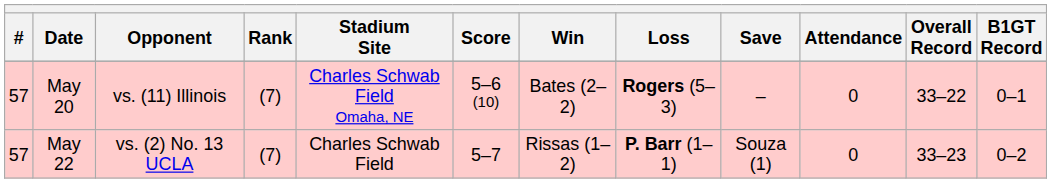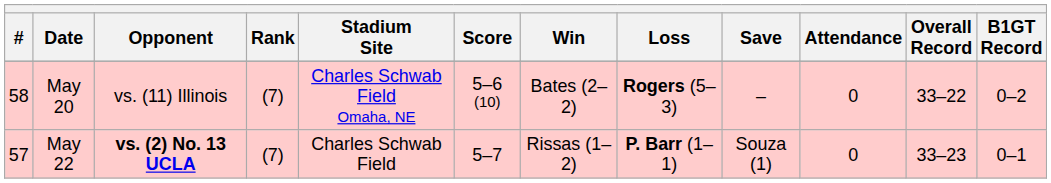 <table class="wikitable collapsible collapsed" style="margin:auto; width:100%; text-align:center; font-size:95%">
 <tr>
 <th colspan=12 style="padding-left:4em;"></th>
 </tr>
 <tr>
 <th>#</th>
 <th>Date</th>
 <th>Opponent</th>
 <th>Rank</th>
 <th>Stadium<br>Site</th>
 <th>Score</th>
 <th>Win</th>
 <th>Loss</th>
 <th>Save</th>
 <th>Attendance</th>
 <th>Overall<br>Record</th>
 <th>B1GT<br>Record</th>
 </tr>
 <tr>
 </tr>
 <tr align="center" bgcolor="ffcccc">
-<td>57</td>
+<td>58</td>
 <td>May 20</td>
 <td>vs. (11) Illinois</td>
 <td>(7)</td>
 <td><a href='#'>Charles Schwab Field</a><br><small><a href='#'>Omaha, NE</a></small></td>
 <td>5–6 <sup>(10)</sup></td>
 <td>Bates (2–2)</td>
 <td><strong>Rogers</strong> (5–3)</td>
 <td>–</td>
 <td>0</td>
 <td>33–22</td>
-<td>0–1</td>
+<td>0–2</td>
 </tr>
 <tr align="center" bgcolor="ffcccc">
 <td>57</td>
 <td>May 22</td>
-<td>vs. (2) No. 13 <a href='#'>UCLA</a></td>
+<td><strong>vs. (2) No. 13 <a href='#'>UCLA</a></strong></td>
 <td>(7)</td>
 <td>Charles Schwab Field</td>
 <td>5–7</td>
 <td>Rissas (1–2)</td>
 <td><strong>P. Barr</strong> (1–1)</td>
 <td>Souza (1)</td>
 <td>0</td>
 <td>33–23</td>
-<td>0–2</td>
+<td>0–1</td>
 </tr>
 </table>
